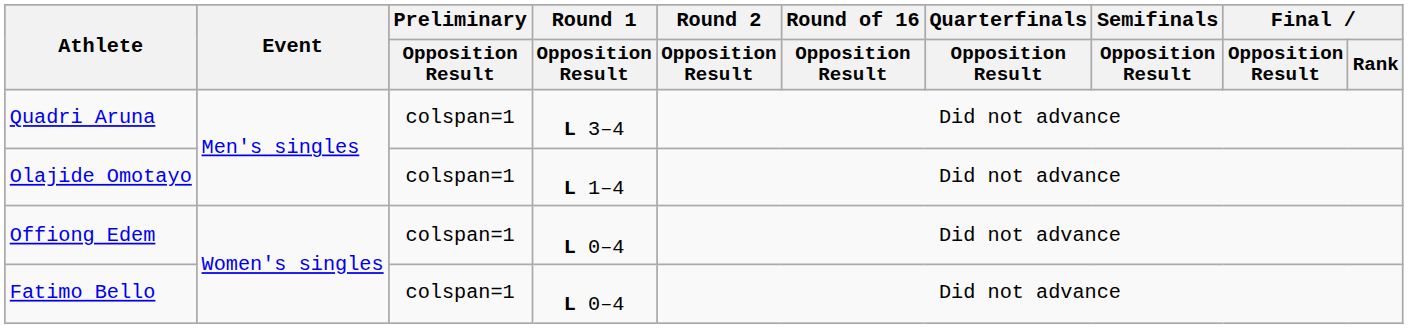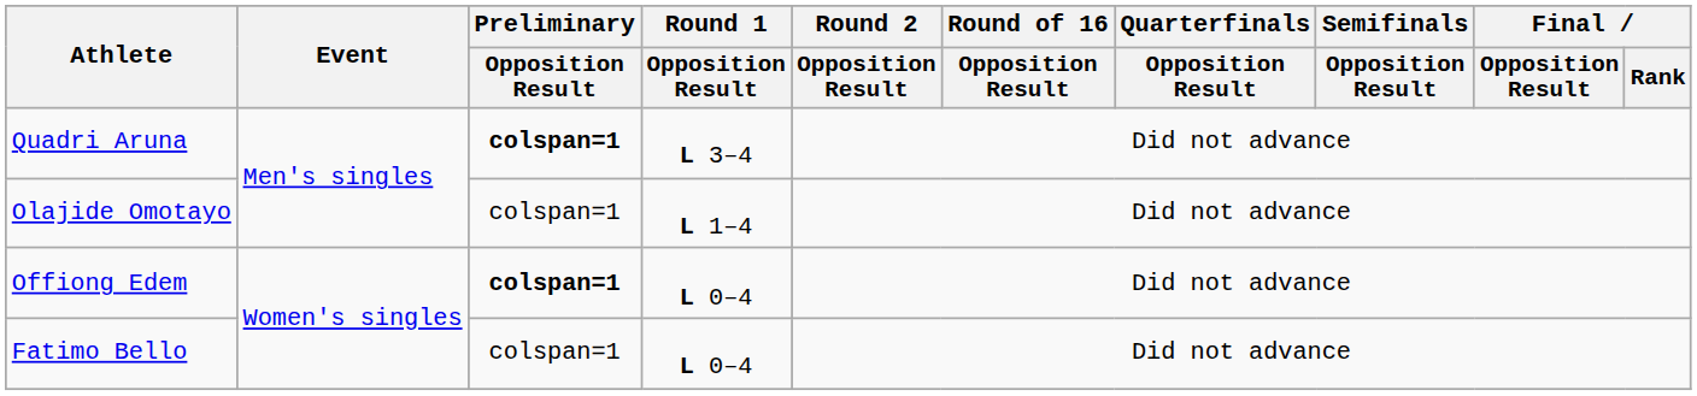 <table class=wikitable style=font-size:90%;text-align:center>
 <tr>
 <th rowspan=2>Athlete</th>
 <th rowspan=2>Event</th>
 <th>Preliminary</th>
 <th>Round 1</th>
 <th>Round 2</th>
 <th>Round of 16</th>
 <th>Quarterfinals</th>
 <th>Semifinals</th>
 <th colspan=2>Final / </th>
 </tr>
 <tr style=font-size:95%>
 <th>Opposition<br>Result</th>
 <th>Opposition<br>Result</th>
 <th>Opposition<br>Result</th>
 <th>Opposition<br>Result</th>
 <th>Opposition<br>Result</th>
 <th>Opposition<br>Result</th>
 <th>Opposition<br>Result</th>
 <th>Rank</th>
 </tr>
 <tr>
 <td align=left><a href='#'>Quadri Aruna</a></td>
 <td rowspan="2" align="left"><a href='#'>Men's singles</a></td>
-<td>colspan=1 </td>
+<td><strong>colspan=1 </strong></td>
 <td> <br> <strong>L</strong> 3–4</td>
 <td colspan=6>Did not advance</td>
 </tr>
 <tr align=center>
 <td align=left><a href='#'>Olajide Omotayo</a></td>
 <td>colspan=1 </td>
 <td><br><strong>L</strong> 1–4</td>
 <td colspan=6>Did not advance</td>
 </tr>
 <tr>
 <td align=left><a href='#'>Offiong Edem</a></td>
 <td rowspan="2" align="left"><a href='#'>Women's singles</a></td>
-<td>colspan=1 </td>
+<td><strong>colspan=1 </strong></td>
 <td><br> <strong>L</strong> 0–4</td>
 <td colspan=6>Did not advance</td>
 </tr>
 <tr align=center>
 <td align=left><a href='#'>Fatimo Bello</a></td>
 <td>colspan=1 </td>
 <td><br> <strong>L</strong> 0–4</td>
 <td colspan=6>Did not advance</td>
 </tr>
 </table>
